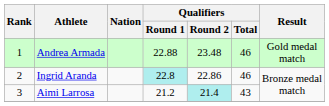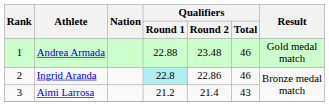 <table style="text-align:center;" class="wikitable sortable">
 <tr>
 <th rowspan="2">Rank</th>
 <th rowspan="2">Athlete</th>
 <th rowspan="2">Nation</th>
 <th colspan="3">Qualifiers</th>
 <th rowspan="2">Result</th>
 </tr>
 <tr>
 <th>Round 1</th>
 <th>Round 2</th>
 <th>Total</th>
 </tr>
 <tr bgcolor=ccffcc>
 <td>1</td>
 <td align=left><a href='#'>Andrea Armada</a></td>
 <td align=left></td>
 <td>22.88</td>
 <td>23.48</td>
 <td>46</td>
 <td>Gold medal<br>match</td>
 </tr>
 <tr>
 <td>2</td>
 <td align=left><a href='#'>Ingrid Aranda</a></td>
 <td align=left></td>
 <td style="background: paleturquoise;">22.8</td>
 <td>22.86</td>
 <td>46</td>
 <td rowspan="2">Bronze medal<br>match</td>
 </tr>
 <tr>
 <td>3</td>
 <td align=left><a href='#'>Aimi Larrosa</a></td>
 <td align=left></td>
 <td>21.2</td>
-<td style="background: paleturquoise;">21.4</td>
+<td>21.4</td>
 <td>43</td>
 </tr>
 <tr>
 </tr>
 </table>
